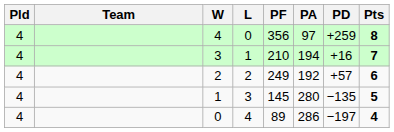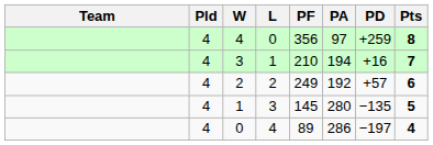 <table class=wikitable style="text-align:center">
 <tr>
+<th width=200>Team</th>
 <th width=30>Pld</th>
-<th width=200>Team</th>
 <th width=30>W</th>
 <th width=30>L</th>
 <th width=30>PF</th>
 <th width=30>PA</th>
 <th width=30>PD</th>
 <th width=30>Pts</th>
 </tr>
 <tr bgcolor="#ccffcc">
+<td align=left></td>
 <td>4</td>
-<td align=left></td>
 <td>4</td>
 <td>0</td>
 <td>356</td>
 <td>97</td>
 <td>+259</td>
 <td><strong>8</strong></td>
 </tr>
 <tr bgcolor="#ccffcc">
+<td align=left></td>
 <td>4</td>
-<td align=left></td>
 <td>3</td>
 <td>1</td>
 <td>210</td>
 <td>194</td>
 <td>+16</td>
 <td><strong>7</strong></td>
 </tr>
 <tr>
+<td align=left></td>
 <td>4</td>
-<td align=left></td>
 <td>2</td>
 <td>2</td>
 <td>249</td>
 <td>192</td>
 <td>+57</td>
 <td><strong>6</strong></td>
 </tr>
 <tr>
+<td align=left></td>
 <td>4</td>
-<td align=left></td>
 <td>1</td>
 <td>3</td>
 <td>145</td>
 <td>280</td>
 <td>−135</td>
 <td><strong>5</strong></td>
 </tr>
 <tr>
+<td align=left></td>
 <td>4</td>
-<td align=left></td>
 <td>0</td>
 <td>4</td>
 <td>89</td>
 <td>286</td>
 <td>−197</td>
 <td><strong>4</strong></td>
 </tr>
 </table>
